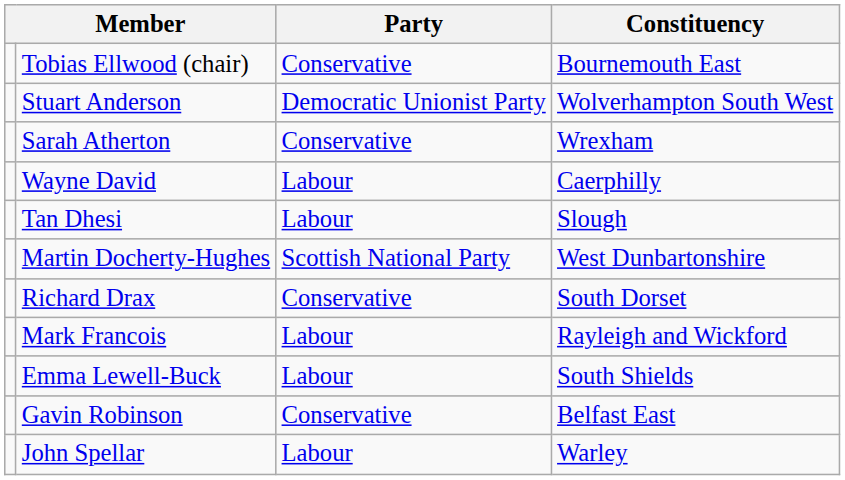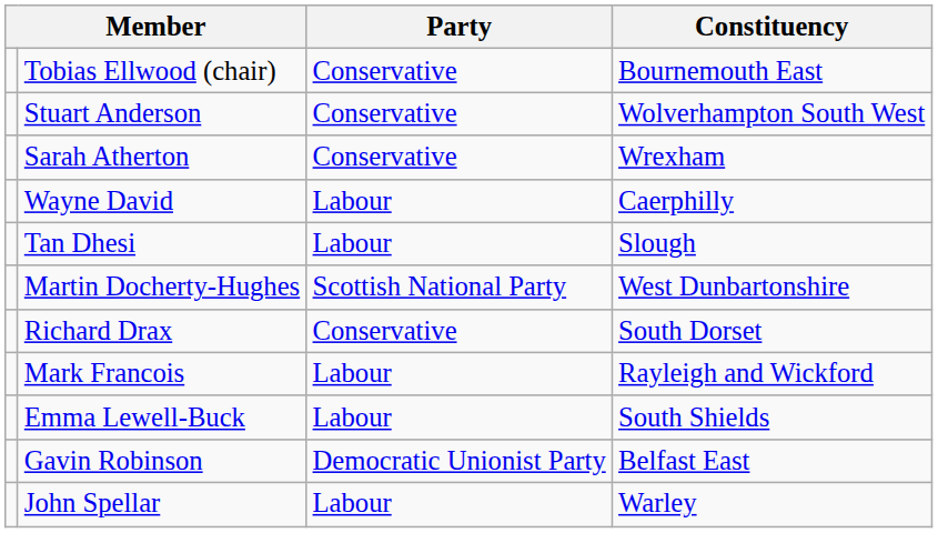 <table class="wikitable">
 <tr>
 <th colspan="2" valign="top">Member</th>
 <th valign="top">Party</th>
 <th valign="top">Constituency</th>
 </tr>
 <tr>
 <td style="color:inherit;background:"></td>
 <td><a href='#'>Tobias Ellwood</a> (chair)</td>
 <td><a href='#'>Conservative</a></td>
 <td><a href='#'>Bournemouth East</a></td>
 </tr>
 <tr>
 <td style="color:inherit;background:"></td>
 <td><a href='#'>Stuart Anderson</a></td>
-<td><a href='#'>Democratic Unionist Party</a></td>
+<td><a href='#'>Conservative</a></td>
 <td><a href='#'>Wolverhampton South West</a></td>
 </tr>
 <tr>
 <td style="color:inherit;background:"></td>
 <td><a href='#'>Sarah Atherton</a></td>
 <td><a href='#'>Conservative</a></td>
 <td><a href='#'>Wrexham</a></td>
 </tr>
 <tr>
 <td style="color:inherit;background:"></td>
 <td><a href='#'>Wayne David</a></td>
 <td><a href='#'>Labour</a></td>
 <td><a href='#'>Caerphilly</a></td>
 </tr>
 <tr>
 <td style="color:inherit;background:"></td>
 <td><a href='#'>Tan Dhesi</a></td>
 <td><a href='#'>Labour</a></td>
 <td><a href='#'>Slough</a></td>
 </tr>
 <tr>
 <td style="color:inherit;background:"></td>
 <td><a href='#'>Martin Docherty-Hughes</a></td>
 <td><a href='#'>Scottish National Party</a></td>
 <td><a href='#'>West Dunbartonshire</a></td>
 </tr>
 <tr>
 <td style="color:inherit;background:"></td>
 <td><a href='#'>Richard Drax</a></td>
 <td><a href='#'>Conservative</a></td>
 <td><a href='#'>South Dorset</a></td>
 </tr>
 <tr>
 <td style="color:inherit;background:"></td>
 <td><a href='#'>Mark Francois</a></td>
 <td><a href='#'>Labour</a></td>
 <td><a href='#'>Rayleigh and Wickford</a></td>
 </tr>
 <tr>
 <td style="color:inherit;background:"></td>
 <td><a href='#'>Emma Lewell-Buck</a></td>
 <td><a href='#'>Labour</a></td>
 <td><a href='#'>South Shields</a></td>
 </tr>
 <tr>
 <td style="color:inherit;background:"></td>
 <td><a href='#'>Gavin Robinson</a></td>
-<td><a href='#'>Conservative</a></td>
+<td><a href='#'>Democratic Unionist Party</a></td>
 <td><a href='#'>Belfast East</a></td>
 </tr>
 <tr>
 <td style="color:inherit;background:"></td>
 <td><a href='#'>John Spellar</a></td>
 <td><a href='#'>Labour</a></td>
 <td><a href='#'>Warley</a></td>
 </tr>
 </table>
